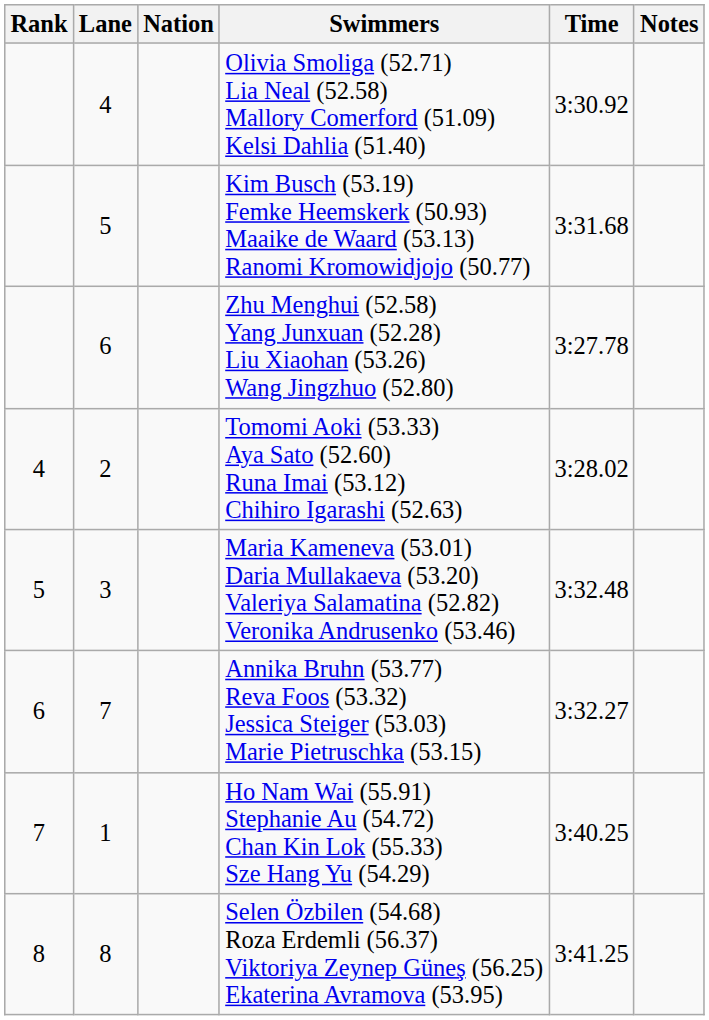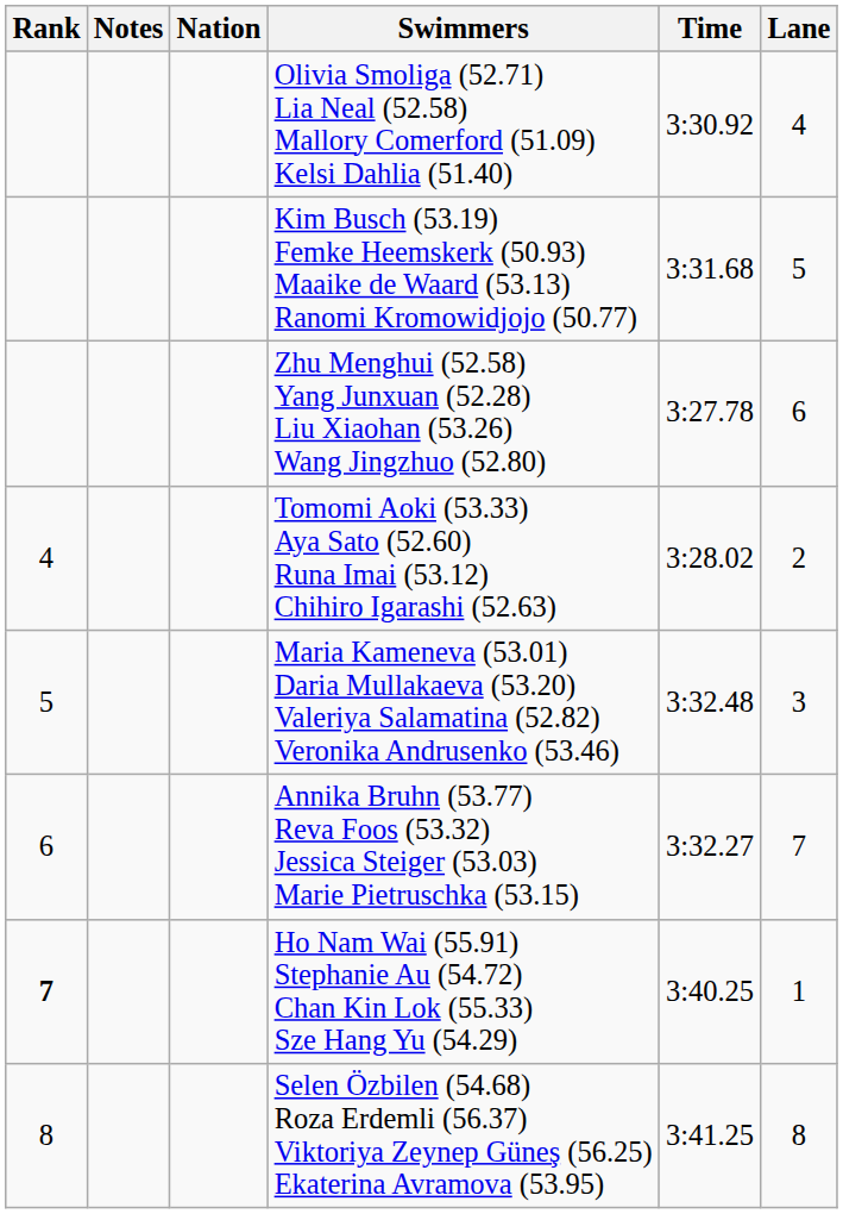 <table class="wikitable sortable" style="text-align:center">
 <tr>
 <th>Rank</th>
-<th>Lane</th>
+<th>Notes</th>
 <th>Nation</th>
 <th>Swimmers</th>
 <th>Time</th>
-<th>Notes</th>
+<th>Lane</th>
 </tr>
 <tr>
 <td></td>
-<td>4</td>
+<td></td>
 <td align=left></td>
 <td align=left><a href='#'>Olivia Smoliga</a> (52.71) <br> <a href='#'>Lia Neal</a> (52.58) <br> <a href='#'>Mallory Comerford</a> (51.09) <br> <a href='#'>Kelsi Dahlia</a> (51.40)</td>
 <td>3:30.92</td>
-<td></td>
+<td>4</td>
 </tr>
 <tr>
 <td></td>
-<td>5</td>
+<td></td>
 <td align=left></td>
 <td align=left><a href='#'>Kim Busch</a> (53.19) <br> <a href='#'>Femke Heemskerk</a> (50.93) <br> <a href='#'>Maaike de Waard</a> (53.13) <br> <a href='#'>Ranomi Kromowidjojo</a> (50.77)</td>
 <td>3:31.68</td>
-<td></td>
+<td>5</td>
 </tr>
 <tr>
 <td></td>
-<td>6</td>
+<td></td>
 <td align=left></td>
 <td align=left><a href='#'>Zhu Menghui</a> (52.58) <br> <a href='#'>Yang Junxuan</a> (52.28) <br> <a href='#'>Liu Xiaohan</a> (53.26) <br> <a href='#'>Wang Jingzhuo</a> (52.80)</td>
 <td>3:27.78</td>
-<td></td>
+<td>6</td>
 </tr>
 <tr>
 <td>4</td>
-<td>2</td>
+<td></td>
 <td align=left></td>
 <td align=left><a href='#'>Tomomi Aoki</a> (53.33) <br> <a href='#'>Aya Sato</a> (52.60) <br> <a href='#'>Runa Imai</a> (53.12) <br> <a href='#'>Chihiro Igarashi</a> (52.63)</td>
 <td>3:28.02</td>
-<td></td>
+<td>2</td>
 </tr>
 <tr>
 <td>5</td>
-<td>3</td>
+<td></td>
 <td align=left></td>
 <td align=left><a href='#'>Maria Kameneva</a> (53.01) <br> <a href='#'>Daria Mullakaeva</a> (53.20) <br> <a href='#'>Valeriya Salamatina</a> (52.82) <br> <a href='#'>Veronika Andrusenko</a> (53.46)</td>
 <td>3:32.48</td>
-<td></td>
+<td>3</td>
 </tr>
 <tr>
 <td>6</td>
-<td>7</td>
+<td></td>
 <td align=left></td>
 <td align=left><a href='#'>Annika Bruhn</a> (53.77) <br> <a href='#'>Reva Foos</a> (53.32) <br> <a href='#'>Jessica Steiger</a> (53.03) <br> <a href='#'>Marie Pietruschka</a> (53.15)</td>
 <td>3:32.27</td>
-<td></td>
+<td>7</td>
 </tr>
 <tr>
-<td>7</td>
-<td>1</td>
+<td><strong>7</strong></td>
+<td></td>
 <td align=left></td>
 <td align=left><a href='#'>Ho Nam Wai</a> (55.91) <br> <a href='#'>Stephanie Au</a> (54.72) <br> <a href='#'>Chan Kin Lok</a> (55.33) <br> <a href='#'>Sze Hang Yu</a> (54.29)</td>
 <td>3:40.25</td>
-<td></td>
+<td>1</td>
 </tr>
 <tr>
 <td>8</td>
-<td>8</td>
+<td></td>
 <td align=left></td>
 <td align=left><a href='#'>Selen Özbilen</a> (54.68) <br> Roza Erdemli (56.37) <br> <a href='#'>Viktoriya Zeynep Güneş</a> (56.25) <br> <a href='#'>Ekaterina Avramova</a> (53.95)</td>
 <td>3:41.25</td>
-<td></td>
+<td>8</td>
 </tr>
 </table>
